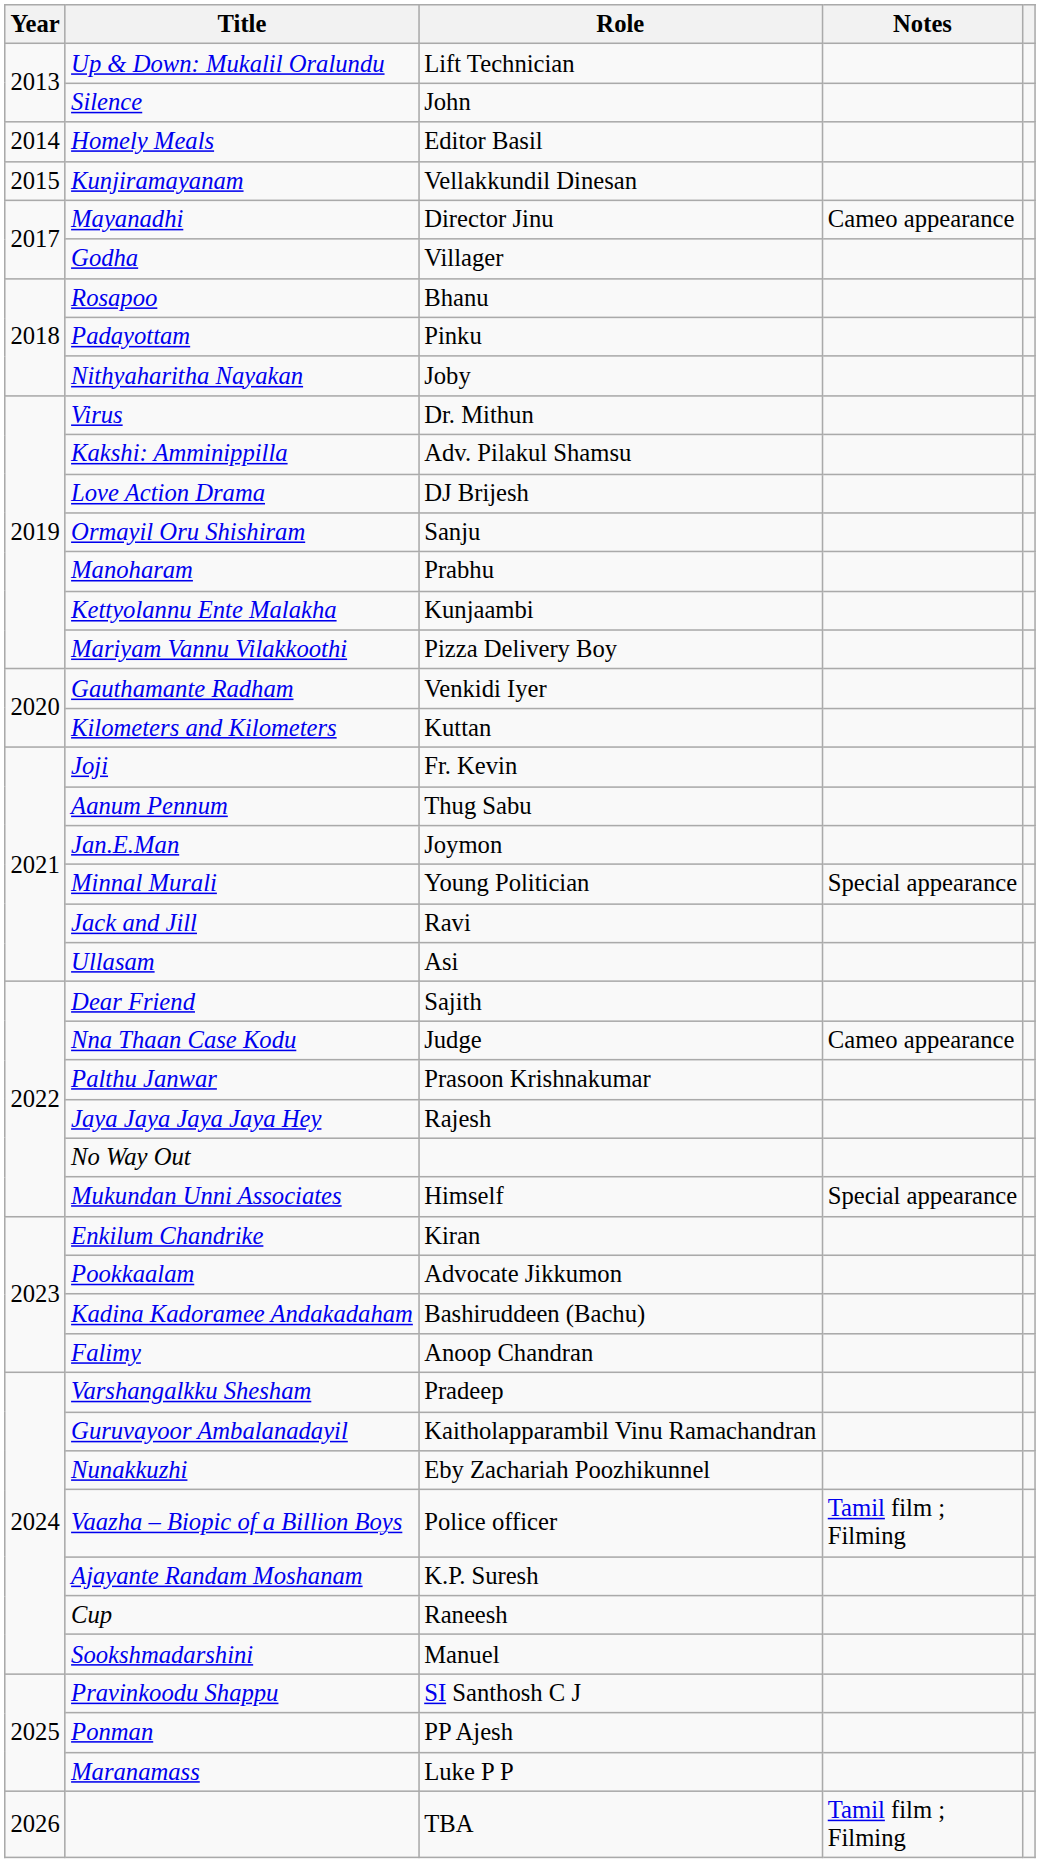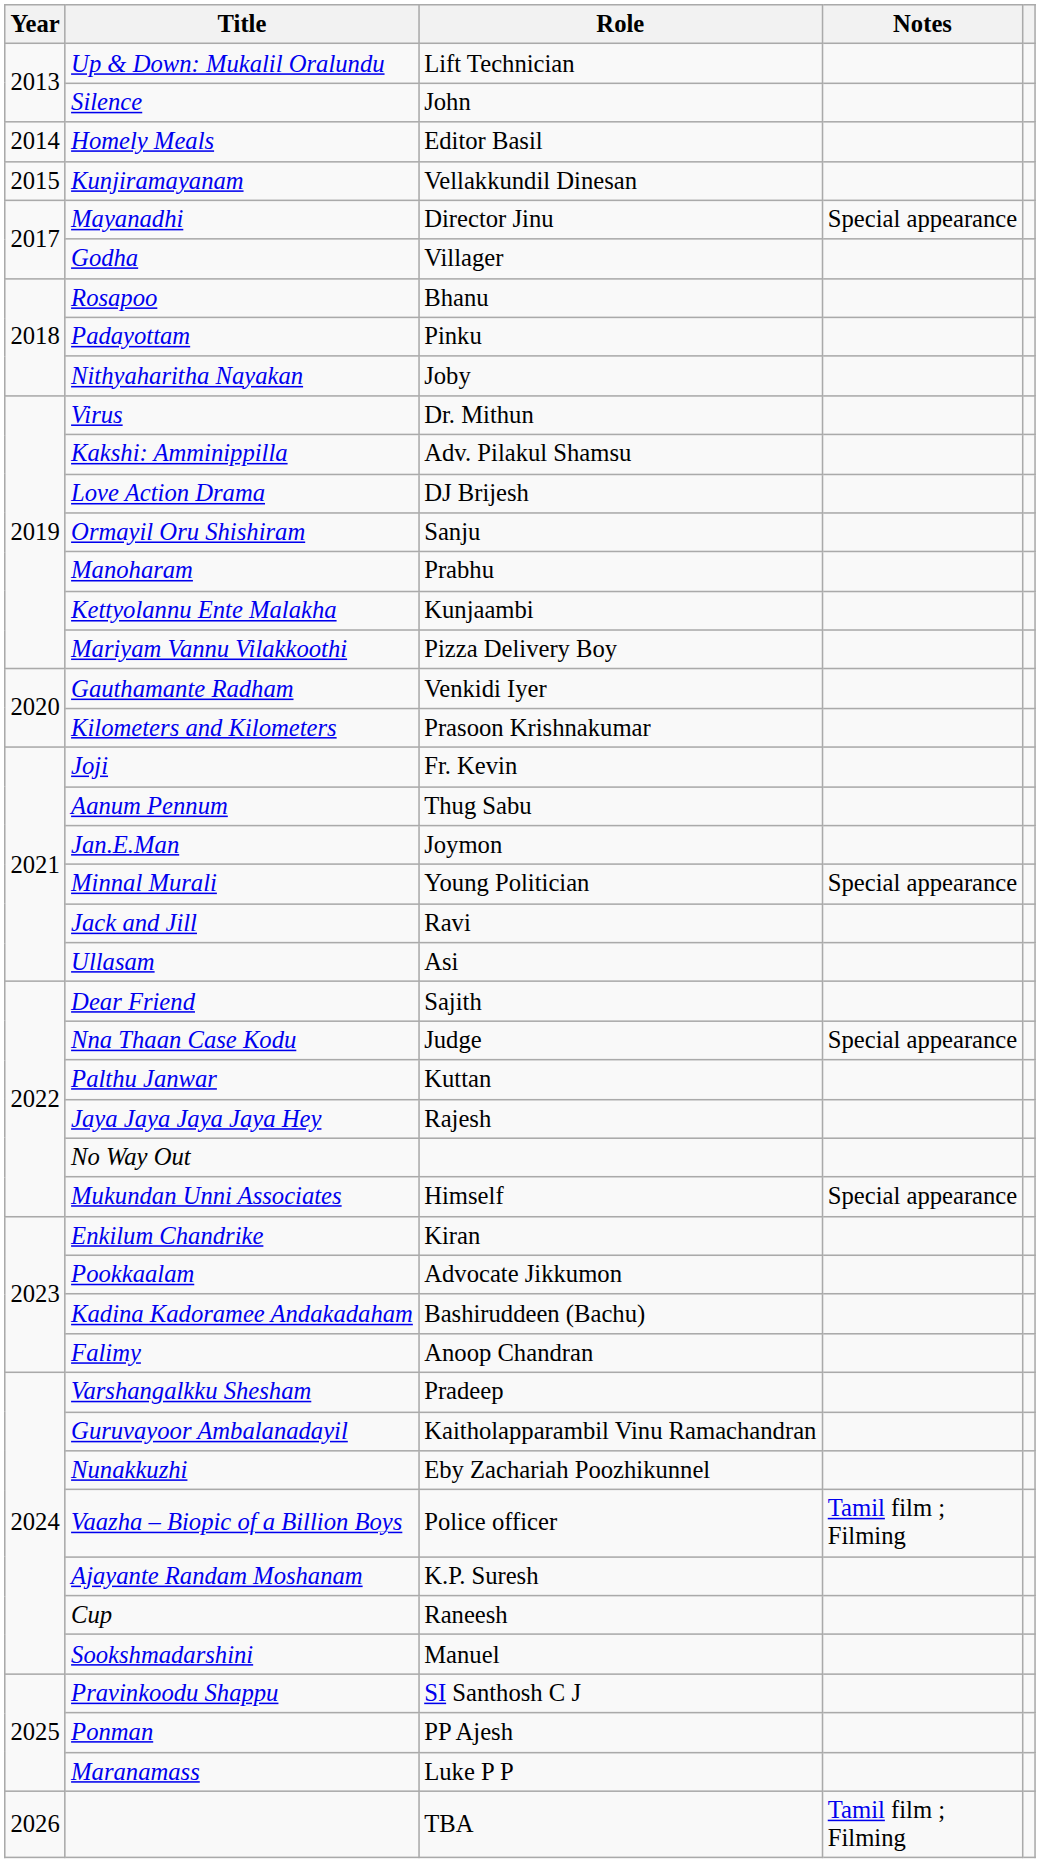 <table class="wikitable sortable">
 <tr>
 <th scope="col">Year</th>
 <th scope="col">Title</th>
 <th scope="col">Role</th>
 <th scope="col" class="unsortable">Notes</th>
 <th scope="col" class="unsortable"></th>
 </tr>
 <tr>
 <td rowspan="2">2013</td>
 <td><em><a href='#'>Up & Down: Mukalil Oralundu</a></em></td>
 <td>Lift Technician</td>
 <td></td>
 <td></td>
 </tr>
 <tr>
 <td><em><a href='#'>Silence</a></em></td>
 <td>John</td>
 <td></td>
 <td></td>
 </tr>
 <tr>
 <td>2014</td>
 <td><em><a href='#'>Homely Meals</a></em></td>
 <td>Editor Basil</td>
 <td></td>
 <td></td>
 </tr>
 <tr>
 <td>2015</td>
 <td><em><a href='#'>Kunjiramayanam</a></em></td>
 <td>Vellakkundil Dinesan</td>
 <td></td>
 <td></td>
 </tr>
 <tr>
 <td rowspan="2">2017</td>
 <td><em><a href='#'>Mayanadhi</a></em></td>
 <td>Director Jinu</td>
-<td>Cameo appearance</td>
+<td>Special appearance</td>
 <td></td>
 </tr>
 <tr>
 <td><em><a href='#'>Godha</a></em></td>
 <td>Villager</td>
 <td></td>
 <td></td>
 </tr>
 <tr>
 <td rowspan="3">2018</td>
 <td><em><a href='#'>Rosapoo</a></em></td>
 <td>Bhanu</td>
 <td></td>
 <td></td>
 </tr>
 <tr>
 <td><em><a href='#'>Padayottam</a></em></td>
 <td>Pinku</td>
 <td></td>
 <td></td>
 </tr>
 <tr>
 <td><em><a href='#'>Nithyaharitha Nayakan</a> </em></td>
 <td>Joby</td>
 <td></td>
 <td></td>
 </tr>
 <tr>
 <td rowspan="7">2019</td>
 <td><em><a href='#'>Virus</a></em></td>
 <td>Dr. Mithun</td>
 <td></td>
 <td></td>
 </tr>
 <tr>
 <td><em><a href='#'>Kakshi: Amminippilla</a></em></td>
 <td>Adv. Pilakul Shamsu</td>
 <td></td>
 <td></td>
 </tr>
 <tr>
 <td><em><a href='#'>Love Action Drama</a></em></td>
 <td>DJ Brijesh</td>
 <td></td>
 <td></td>
 </tr>
 <tr>
 <td><em><a href='#'>Ormayil Oru Shishiram</a></em></td>
 <td>Sanju</td>
 <td></td>
 <td></td>
 </tr>
 <tr>
 <td><em><a href='#'>Manoharam</a></em></td>
 <td>Prabhu</td>
 <td></td>
 <td></td>
 </tr>
 <tr>
 <td><em><a href='#'>Kettyolannu Ente Malakha</a></em></td>
 <td>Kunjaambi</td>
 <td></td>
 <td></td>
 </tr>
 <tr>
 <td><em><a href='#'>Mariyam Vannu Vilakkoothi</a></em></td>
 <td>Pizza Delivery Boy</td>
 <td></td>
 <td></td>
 </tr>
 <tr>
 <td rowspan="2">2020</td>
 <td><em><a href='#'>Gauthamante Radham</a></em></td>
 <td>Venkidi Iyer</td>
 <td></td>
 <td></td>
 </tr>
 <tr>
 <td><em><a href='#'>Kilometers and Kilometers</a></em></td>
-<td>Kuttan</td>
+<td>Prasoon Krishnakumar</td>
 <td></td>
 <td></td>
 </tr>
 <tr>
 <td rowspan="6">2021</td>
 <td><em><a href='#'>Joji</a></em></td>
 <td>Fr. Kevin</td>
 <td></td>
 <td></td>
 </tr>
 <tr>
 <td><em><a href='#'>Aanum Pennum</a></em></td>
 <td>Thug Sabu</td>
 <td></td>
 <td></td>
 </tr>
 <tr>
 <td><em><a href='#'>Jan.E.Man</a></em></td>
 <td>Joymon</td>
 <td></td>
 <td></td>
 </tr>
 <tr>
 <td><em><a href='#'>Minnal Murali</a></em></td>
 <td>Young Politician</td>
 <td>Special appearance</td>
 <td></td>
 </tr>
 <tr>
 <td><em><a href='#'>Jack and Jill</a></em></td>
 <td>Ravi</td>
 <td></td>
 <td></td>
 </tr>
 <tr>
 <td><em><a href='#'>Ullasam</a></em></td>
 <td>Asi</td>
 <td></td>
 <td></td>
 </tr>
 <tr>
 <td rowspan="6">2022</td>
 <td><em><a href='#'>Dear Friend</a></em></td>
 <td>Sajith</td>
 <td></td>
 <td></td>
 </tr>
 <tr>
 <td><em><a href='#'>Nna Thaan Case Kodu</a></em></td>
 <td>Judge</td>
-<td>Cameo appearance</td>
+<td>Special appearance</td>
 <td></td>
 </tr>
 <tr>
 <td><em><a href='#'>Palthu Janwar</a></em></td>
-<td>Prasoon Krishnakumar</td>
+<td>Kuttan</td>
 <td></td>
 <td></td>
 </tr>
 <tr>
 <td><em><a href='#'>Jaya Jaya Jaya Jaya Hey</a></em></td>
 <td>Rajesh</td>
 <td></td>
 <td></td>
 </tr>
 <tr>
 <td><em>No Way Out</em></td>
 <td></td>
 <td></td>
 <td></td>
 </tr>
 <tr>
 <td><em><a href='#'>Mukundan Unni Associates</a></em></td>
 <td>Himself</td>
 <td>Special appearance</td>
 <td></td>
 </tr>
 <tr>
 <td rowspan="4">2023</td>
 <td><em><a href='#'>Enkilum Chandrike</a></em></td>
 <td>Kiran</td>
 <td></td>
 <td></td>
 </tr>
 <tr>
 <td><em><a href='#'>Pookkaalam</a></em></td>
 <td>Advocate Jikkumon</td>
 <td></td>
 <td></td>
 </tr>
 <tr>
 <td><em><a href='#'>Kadina Kadoramee Andakadaham</a></em></td>
 <td>Bashiruddeen (Bachu)</td>
 <td></td>
 <td></td>
 </tr>
 <tr>
 <td><em><a href='#'>Falimy</a></em></td>
 <td>Anoop Chandran</td>
 <td></td>
 <td></td>
 </tr>
 <tr>
 <td rowspan="7">2024</td>
 <td><em><a href='#'>Varshangalkku Shesham</a></em></td>
 <td>Pradeep</td>
 <td></td>
 <td></td>
 </tr>
 <tr>
 <td><em><a href='#'>Guruvayoor Ambalanadayil</a></em></td>
 <td>Kaitholapparambil Vinu Ramachandran</td>
 <td></td>
 <td></td>
 </tr>
 <tr>
 <td><em><a href='#'>Nunakkuzhi</a></em></td>
 <td>Eby Zachariah Poozhikunnel</td>
 <td></td>
 <td></td>
 </tr>
 <tr>
 <td><em><a href='#'>Vaazha – Biopic of a Billion Boys</a></em></td>
 <td>Police officer</td>
 <td><a href='#'>Tamil</a> film ; <br> Filming</td>
 <td></td>
 </tr>
 <tr>
 <td><em><a href='#'>Ajayante Randam Moshanam</a></em></td>
 <td>K.P. Suresh</td>
 <td></td>
 <td></td>
 </tr>
 <tr>
 <td><em>Cup</em></td>
 <td>Raneesh</td>
 <td></td>
 <td></td>
 </tr>
 <tr>
 <td><em><a href='#'>Sookshmadarshini</a></em></td>
 <td>Manuel</td>
 <td></td>
 <td></td>
 </tr>
 <tr>
 <td rowspan=3>2025</td>
 <td><em><a href='#'>Pravinkoodu Shappu</a></em></td>
 <td><a href='#'>SI</a> Santhosh C J</td>
 <td></td>
 <td></td>
 </tr>
 <tr>
 <td><em><a href='#'>Ponman</a></em></td>
 <td>PP Ajesh</td>
 <td></td>
 <td></td>
 </tr>
 <tr>
 <td><em><a href='#'>Maranamass</a></em></td>
 <td>Luke P P</td>
 <td></td>
 <td></td>
 </tr>
 <tr>
 <td rowspan=1>2026</td>
 <td></td>
 <td>TBA</td>
 <td><a href='#'>Tamil</a> film ; <br> Filming</td>
 <td><br>   </td>
 </tr>
 </table>
